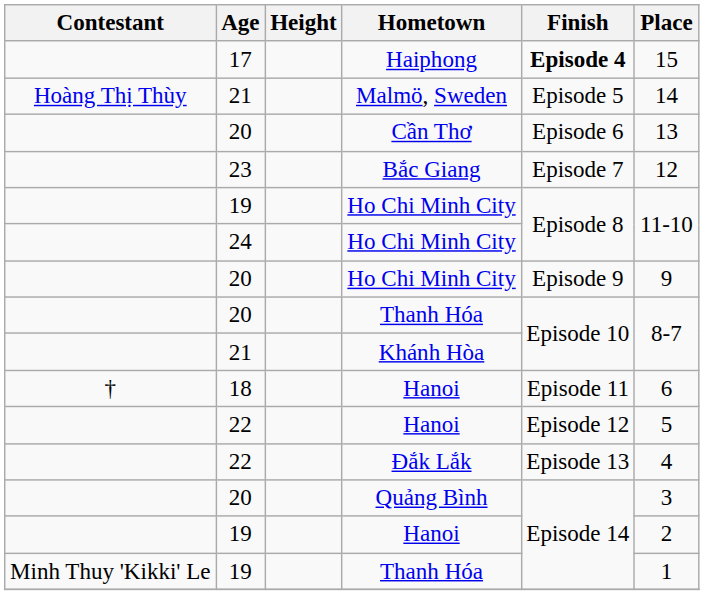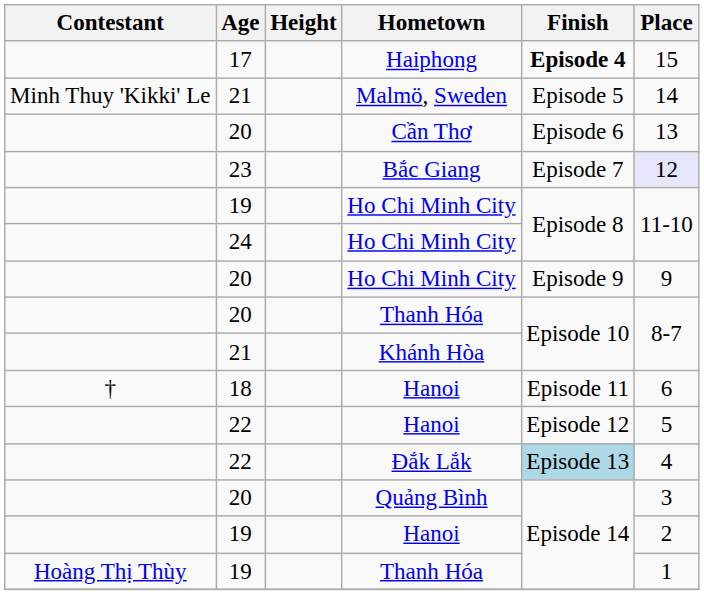 <table class="wikitable sortable" style="text-align:center;">
 <tr>
 <th>Contestant</th>
 <th>Age</th>
 <th>Height</th>
 <th>Hometown</th>
 <th>Finish</th>
 <th>Place</th>
 </tr>
 <tr>
 <td></td>
 <td>17</td>
 <td></td>
 <td><a href='#'>Haiphong</a></td>
 <td><strong>Episode 4</strong></td>
 <td>15</td>
 </tr>
 <tr>
-<td><a href='#'>Hoàng Thị Thùy</a></td>
+<td>Minh Thuy 'Kikki' Le</td>
 <td>21</td>
 <td></td>
 <td><a href='#'>Malmö</a>, <a href='#'>Sweden</a></td>
 <td>Episode 5</td>
 <td>14</td>
 </tr>
 <tr>
 <td></td>
 <td>20</td>
 <td></td>
 <td><a href='#'>Cần Thơ</a></td>
 <td>Episode 6</td>
 <td>13</td>
 </tr>
 <tr>
 <td></td>
 <td>23</td>
 <td></td>
 <td><a href='#'>Bắc Giang</a></td>
 <td>Episode 7</td>
-<td>12</td>
+<td style="background: lavender;">12</td>
 </tr>
 <tr>
 <td></td>
 <td>19</td>
 <td></td>
 <td><a href='#'>Ho Chi Minh City</a></td>
 <td rowspan=2>Episode 8</td>
 <td rowspan=2>11-10</td>
 </tr>
 <tr>
 <td></td>
 <td>24</td>
 <td></td>
 <td><a href='#'>Ho Chi Minh City</a></td>
 </tr>
 <tr>
 <td></td>
 <td>20</td>
 <td></td>
 <td><a href='#'>Ho Chi Minh City</a></td>
 <td>Episode 9</td>
 <td>9</td>
 </tr>
 <tr>
 <td></td>
 <td>20</td>
 <td></td>
 <td><a href='#'>Thanh Hóa</a></td>
 <td rowspan=2>Episode 10</td>
 <td rowspan="2">8-7</td>
 </tr>
 <tr>
 <td></td>
 <td>21</td>
 <td></td>
 <td><a href='#'>Khánh Hòa</a></td>
 </tr>
 <tr>
 <td> †</td>
 <td>18</td>
 <td></td>
 <td><a href='#'>Hanoi</a></td>
 <td>Episode 11</td>
 <td>6</td>
 </tr>
 <tr>
 <td></td>
 <td>22</td>
 <td></td>
 <td><a href='#'>Hanoi</a></td>
 <td>Episode 12</td>
 <td>5</td>
 </tr>
 <tr>
 <td></td>
 <td>22</td>
 <td></td>
 <td><a href='#'>Đắk Lắk</a></td>
-<td>Episode 13</td>
+<td style="background: lightblue;">Episode 13</td>
 <td>4</td>
 </tr>
 <tr>
 <td></td>
 <td>20</td>
 <td></td>
 <td><a href='#'>Quảng Bình</a></td>
 <td rowspan=3>Episode 14</td>
 <td>3</td>
 </tr>
 <tr>
 <td></td>
 <td>19</td>
 <td></td>
 <td><a href='#'>Hanoi</a></td>
 <td>2</td>
 </tr>
 <tr>
-<td>Minh Thuy 'Kikki' Le</td>
+<td><a href='#'>Hoàng Thị Thùy</a></td>
 <td>19</td>
 <td></td>
 <td><a href='#'>Thanh Hóa</a></td>
 <td>1</td>
 </tr>
 <tr>
 </tr>
 </table>
